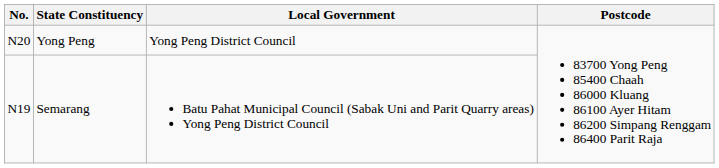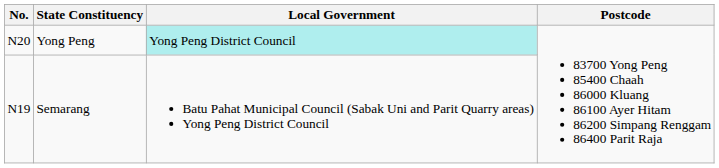 <table class="wikitable">
 <tr>
 <th>No.</th>
 <th>State Constituency</th>
 <th>Local Government</th>
 <th>Postcode</th>
 </tr>
 <tr>
 <td>N20</td>
 <td>Yong Peng</td>
-<td>Yong Peng District Council</td>
+<td style="background: paleturquoise;">Yong Peng District Council</td>
 <td rowspan="2"><br><ul><li>83700 Yong Peng</li><li>85400 Chaah</li><li>86000 Kluang</li><li>86100 Ayer Hitam</li><li>86200 Simpang Renggam</li><li>86400 Parit Raja</li></ul></td>
 </tr>
 <tr>
 <td>N19</td>
 <td>Semarang</td>
 <td><br><ul><li>Batu Pahat Municipal Council (Sabak Uni and Parit Quarry areas)</li><li>Yong Peng District Council</li></ul></td>
 </tr>
 </table>
